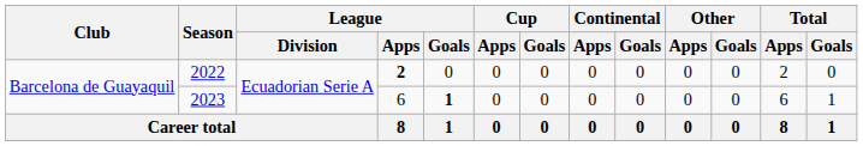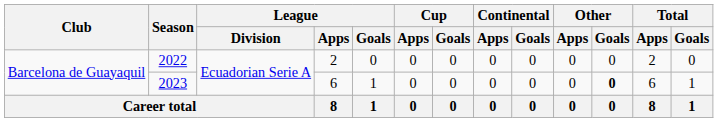 <table class=wikitable style=text-align:center>
 <tr>
 <th rowspan=2>Club</th>
 <th rowspan=2>Season</th>
 <th colspan=3>League</th>
 <th colspan=2>Cup</th>
 <th colspan=2>Continental</th>
 <th colspan=2>Other</th>
 <th colspan=2>Total</th>
 </tr>
 <tr>
 <th>Division</th>
 <th>Apps</th>
 <th>Goals</th>
 <th>Apps</th>
 <th>Goals</th>
 <th>Apps</th>
 <th>Goals</th>
 <th>Apps</th>
 <th>Goals</th>
 <th>Apps</th>
 <th>Goals</th>
 </tr>
 <tr>
 <td rowspan="2"><a href='#'>Barcelona de Guayaquil</a></td>
 <td><a href='#'>2022</a></td>
 <td rowspan="2"><a href='#'>Ecuadorian Serie A</a></td>
-<td><strong>2</strong></td>
+<td>2</td>
 <td>0</td>
 <td>0</td>
 <td>0</td>
 <td>0</td>
 <td>0</td>
 <td>0</td>
 <td>0</td>
 <td>2</td>
 <td>0</td>
 </tr>
 <tr>
 <td><a href='#'>2023</a></td>
 <td>6</td>
-<td><strong>1</strong></td>
+<td>1</td>
 <td>0</td>
 <td>0</td>
 <td>0</td>
 <td>0</td>
 <td>0</td>
-<td>0</td>
+<td><strong>0</strong></td>
 <td>6</td>
 <td>1</td>
 </tr>
 <tr>
 <th colspan="3"><strong>Career total</strong></th>
 <th>8</th>
 <th>1</th>
 <th>0</th>
 <th>0</th>
 <th>0</th>
 <th>0</th>
 <th>0</th>
 <th>0</th>
 <th>8</th>
 <th>1</th>
 </tr>
 </table>
